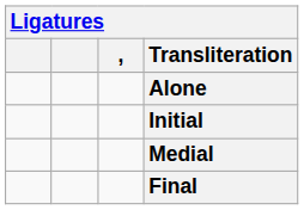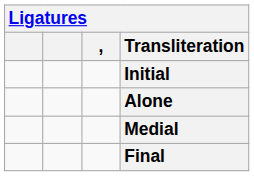 <table class="wikitable" style="text-align: center; display: inline-table;">
 <tr>
 <th colspan="4" style="text-align: left"><a href='#'>Ligatures</a></th>
 </tr>
 <tr>
 <th style="min-width: 1.75em"></th>
 <th style="min-width: 1.75em"></th>
 <th style="min-width: 1.75em">, </th>
 <th style="text-align: left">Transliteration</th>
 </tr>
 <tr>
 <td></td>
 <td></td>
 <td></td>
-<th style="text-align: left">Alone</th>
+<th style="text-align: left">Initial</th>
 </tr>
 <tr>
 <td></td>
 <td></td>
 <td></td>
-<th style="text-align: left">Initial</th>
+<th style="text-align: left">Alone</th>
 </tr>
 <tr>
 <td></td>
 <td></td>
 <td></td>
 <th style="text-align: left">Medial</th>
 </tr>
 <tr>
 <td></td>
 <td></td>
 <td></td>
 <th style="text-align: left">Final</th>
 </tr>
 </table>
